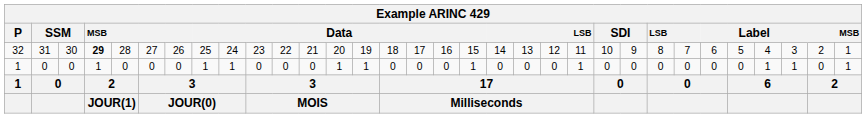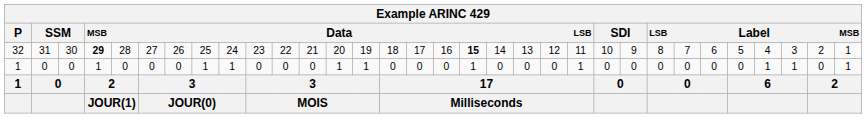 <table class="wikitable" border="1" style="margin-left: auto; margin-right: auto; border: none; ">
 <tr>
 <th colspan="32">Example ARINC 429</th>
 </tr>
 <tr>
 <th colspan=" 1" style="width: 3.125%;">P</th>
 <th colspan=" 2" style="width: 6.250%;">SSM</th>
 <th colspan=" 4" style="width: 12.500%; font-size: 75%; text-align: left; border: none;">MSB</th>
 <th colspan="11" style="width: 34.375%; text-align: center; border: none;">Data</th>
 <th colspan=" 4" style="width: 12.500%; font-size: 75%; text-align: right; border: none;">LSB</th>
 <th colspan=" 2" style="width: 6.250%;">SDI</th>
 <th colspan=" 2" style="width: 6.250%; font-size: 75%; text-align: left; border: none;">LSB</th>
 <th colspan=" 4" style="width: 12.500%; text-align: center; border: none;">Label</th>
 <th colspan=" 2" style="width: 6.250%; font-size: 75%; text-align: right; border-left: none;">MSB</th>
 </tr>
 <tr style="font-size: 86%; text-align: center;">
 <td>32</td>
 <td>31</td>
 <td>30</td>
 <td><strong>29</strong></td>
 <td>28</td>
 <td>27</td>
 <td>26</td>
 <td>25</td>
 <td>24</td>
 <td>23</td>
 <td>22</td>
 <td>21</td>
 <td>20</td>
 <td>19</td>
 <td>18</td>
 <td>17</td>
 <td>16</td>
-<td>15</td>
+<td><strong>15</strong></td>
 <td>14</td>
 <td>13</td>
 <td>12</td>
 <td>11</td>
 <td>10</td>
 <td style="width: 3.125%;">9</td>
 <td>8</td>
 <td>7</td>
 <td>6</td>
 <td>5</td>
 <td>4</td>
 <td>3</td>
 <td>2</td>
 <td>1</td>
 </tr>
 <tr style="font-size: 86%; text-align: center;">
 <td>1</td>
 <td>0</td>
 <td>0</td>
 <td>1</td>
 <td>0</td>
 <td>0</td>
 <td>0</td>
 <td>1</td>
 <td>1</td>
 <td>0</td>
 <td>0</td>
 <td>0</td>
 <td>1</td>
 <td>1</td>
 <td>0</td>
 <td>0</td>
 <td>0</td>
 <td>1</td>
 <td>0</td>
 <td>0</td>
 <td>0</td>
 <td>1</td>
 <td>0</td>
 <td style="width: 3.125%;">0</td>
 <td>0</td>
 <td>0</td>
 <td>0</td>
 <td>0</td>
 <td>1</td>
 <td>1</td>
 <td>0</td>
 <td>1</td>
 </tr>
 <tr>
 <th colspan=" 1" style="width: 3.125%;">1</th>
 <th colspan=" 2" style="width: 6.250%;">0</th>
 <th colspan=" 2" style="width: 6.250%;">2</th>
 <th colspan=" 4" style="width: 12.500%;">3</th>
 <th colspan=" 5" style="width: 15.625%;">3</th>
 <th colspan=" 8" style="width: 25.000%;">17</th>
 <th colspan=" 2" style="width: 6.250%;">0</th>
 <th colspan=" 3" style="width: 9.375%;">0</th>
 <th colspan=" 3" style="width: 9.375%;">6</th>
 <th colspan=" 2" style="width: 6.250%;">2</th>
 </tr>
 <tr>
 <th colspan=" 1" style="width: 3.125%;"></th>
 <th colspan=" 2" style="width: 6.250%;"></th>
 <th colspan=" 2" style="width: 6.250%;">JOUR(1)</th>
 <th colspan=" 4" style="width: 12.500%;">JOUR(0)</th>
 <th colspan=" 5" style="width: 15.625%;">MOIS</th>
 <th colspan=" 8" style="width: 25.000%;">Milliseconds</th>
 <th colspan=" 2" style="width: 6.250%;"></th>
 <th colspan=" 3" style="width: 9.375%;"></th>
 <th colspan=" 3" style="width: 9.375%;"></th>
 <th colspan=" 2" style="width: 6.250%;"></th>
 </tr>
 </table>
